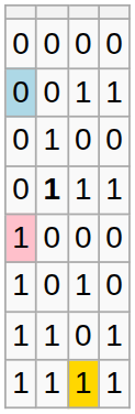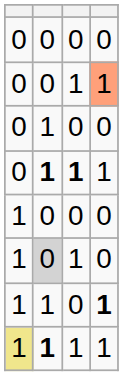 <table class="wikitable" style="text-align:center">
 <tr>
 <th></th>
 <th></th>
 <th></th>
 <th></th>
 </tr>
 <tr>
 <td>0</td>
 <td>0</td>
 <td>0</td>
 <td>0</td>
 </tr>
 <tr>
-<td style="background: lightblue;">0</td>
+<td>0</td>
 <td>0</td>
 <td>1</td>
-<td>1</td>
+<td style="background: lightsalmon;">1</td>
 </tr>
 <tr>
 <td>0</td>
 <td>1</td>
 <td>0</td>
 <td>0</td>
 </tr>
 <tr>
 <td>0</td>
 <td><strong>1</strong></td>
-<td>1</td>
+<td><strong>1</strong></td>
 <td>1</td>
 </tr>
 <tr>
-<td style="background: pink;">1</td>
+<td>1</td>
 <td>0</td>
 <td>0</td>
 <td>0</td>
 </tr>
 <tr>
 <td>1</td>
-<td>0</td>
+<td style="background: lightgrey;">0</td>
 <td>1</td>
 <td>0</td>
 </tr>
 <tr>
 <td>1</td>
 <td>1</td>
 <td>0</td>
-<td>1</td>
+<td><strong>1</strong></td>
 </tr>
 <tr>
+<td style="background: khaki;">1</td>
+<td><strong>1</strong></td>
 <td>1</td>
-<td>1</td>
-<td style="background: gold;">1</td>
 <td>1</td>
 </tr>
 </table>
